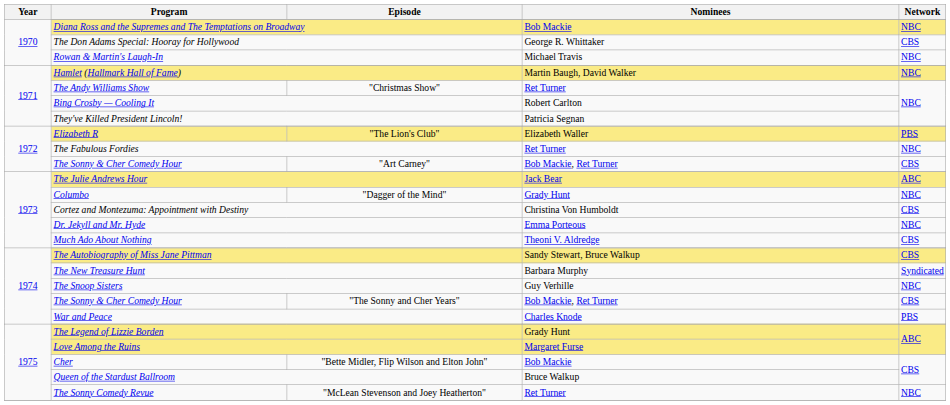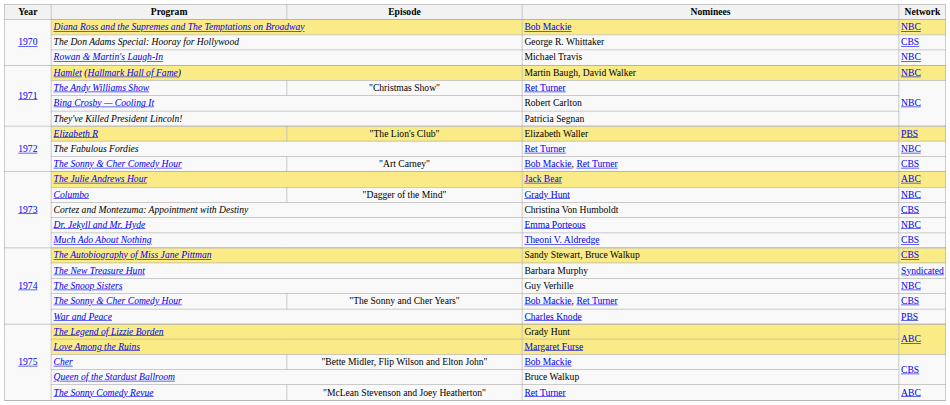 <table class="wikitable">
 <tr>
 <th width="5%">Year</th>
 <th width="25%">Program</th>
 <th width="25%">Episode</th>
 <th width="40%">Nominees</th>
 <th width="5%">Network</th>
 </tr>
 <tr>
 <td rowspan="4" style="text-align:center;"><a href='#'>1970</a><br></td>
 </tr>
 <tr style="background:#FAEB86;">
 <td colspan=2><em><a href='#'>Diana Ross and the Supremes and The Temptations on Broadway</a></em></td>
 <td><a href='#'>Bob Mackie</a></td>
 <td><a href='#'>NBC</a></td>
 </tr>
 <tr>
 <td colspan=2><em>The Don Adams Special: Hooray for Hollywood</em></td>
 <td>George R. Whittaker</td>
 <td><a href='#'>CBS</a></td>
 </tr>
 <tr>
 <td colspan=2><em><a href='#'>Rowan & Martin's Laugh-In</a></em></td>
 <td>Michael Travis</td>
 <td><a href='#'>NBC</a></td>
 </tr>
 <tr>
 <td rowspan="5" style="text-align:center;"><a href='#'>1971</a><br></td>
 </tr>
 <tr style="background:#FAEB86;">
 <td colspan=2><em><a href='#'>Hamlet</a> (<a href='#'>Hallmark Hall of Fame</a>)</em></td>
 <td>Martin Baugh, David Walker</td>
 <td><a href='#'>NBC</a></td>
 </tr>
 <tr>
 <td><em><a href='#'>The Andy Williams Show</a></em></td>
 <td align=center>"Christmas Show"</td>
 <td><a href='#'>Ret Turner</a></td>
 <td rowspan=3><a href='#'>NBC</a></td>
 </tr>
 <tr>
 <td colspan=2><em><a href='#'>Bing Crosby — Cooling It</a></em></td>
 <td>Robert Carlton</td>
 </tr>
 <tr>
 <td colspan=2><em>They've Killed President Lincoln!</em></td>
 <td>Patricia Segnan</td>
 </tr>
 <tr>
 <td rowspan="4" style="text-align:center;"><a href='#'>1972</a><br></td>
 </tr>
 <tr style="background:#FAEB86;">
 <td><em><a href='#'>Elizabeth R</a></em></td>
 <td align=center>"The Lion's Club"</td>
 <td>Elizabeth Waller</td>
 <td><a href='#'>PBS</a></td>
 </tr>
 <tr>
 <td colspan=2><em>The Fabulous Fordies</em></td>
 <td><a href='#'>Ret Turner</a></td>
 <td><a href='#'>NBC</a></td>
 </tr>
 <tr>
 <td><em><a href='#'>The Sonny & Cher Comedy Hour</a></em></td>
 <td align=center>"Art Carney"</td>
 <td><a href='#'>Bob Mackie</a>, <a href='#'>Ret Turner</a></td>
 <td><a href='#'>CBS</a></td>
 </tr>
 <tr>
 <td rowspan="6" style="text-align:center;"><a href='#'>1973</a><br></td>
 </tr>
 <tr style="background:#FAEB86;">
 <td colspan=2><em><a href='#'>The Julie Andrews Hour</a></em></td>
 <td><a href='#'>Jack Bear</a></td>
 <td><a href='#'>ABC</a></td>
 </tr>
 <tr>
 <td><em><a href='#'>Columbo</a></em></td>
 <td align=center>"Dagger of the Mind"</td>
 <td><a href='#'>Grady Hunt</a></td>
 <td><a href='#'>NBC</a></td>
 </tr>
 <tr>
 <td colspan=2><em>Cortez and Montezuma: Appointment with Destiny</em></td>
 <td>Christina Von Humboldt</td>
 <td><a href='#'>CBS</a></td>
 </tr>
 <tr>
 <td colspan=2><em><a href='#'>Dr. Jekyll and Mr. Hyde</a></em></td>
 <td><a href='#'>Emma Porteous</a></td>
 <td><a href='#'>NBC</a></td>
 </tr>
 <tr>
 <td colspan=2><em><a href='#'>Much Ado About Nothing</a></em></td>
 <td><a href='#'>Theoni V. Aldredge</a></td>
 <td><a href='#'>CBS</a></td>
 </tr>
 <tr>
 <td rowspan="6" style="text-align:center;"><a href='#'>1974</a><br></td>
 </tr>
 <tr style="background:#FAEB86;">
 <td colspan=2><em><a href='#'>The Autobiography of Miss Jane Pittman</a></em></td>
 <td>Sandy Stewart, Bruce Walkup</td>
 <td><a href='#'>CBS</a></td>
 </tr>
 <tr>
 <td colspan=2><em><a href='#'>The New Treasure Hunt</a></em></td>
 <td>Barbara Murphy</td>
 <td><a href='#'>Syndicated</a></td>
 </tr>
 <tr>
 <td colspan=2><em><a href='#'>The Snoop Sisters</a></em></td>
 <td>Guy Verhille</td>
 <td><a href='#'>NBC</a></td>
 </tr>
 <tr>
 <td><em><a href='#'>The Sonny & Cher Comedy Hour</a></em></td>
 <td align=center>"The Sonny and Cher Years"</td>
 <td><a href='#'>Bob Mackie</a>, <a href='#'>Ret Turner</a></td>
 <td><a href='#'>CBS</a></td>
 </tr>
 <tr>
 <td colspan=2><em><a href='#'>War and Peace</a></em></td>
 <td><a href='#'>Charles Knode</a></td>
 <td><a href='#'>PBS</a></td>
 </tr>
 <tr>
 <td rowspan="6" style="text-align:center;"><a href='#'>1975</a><br></td>
 </tr>
 <tr style="background:#FAEB86;">
 <td colspan=2><em><a href='#'>The Legend of Lizzie Borden</a></em></td>
 <td>Grady Hunt</td>
 <td rowspan=2><a href='#'>ABC</a></td>
 </tr>
 <tr style="background:#FAEB86;">
 <td colspan=2><em><a href='#'>Love Among the Ruins</a></em></td>
 <td><a href='#'>Margaret Furse</a></td>
 </tr>
 <tr>
 <td><em><a href='#'>Cher</a></em></td>
 <td align=center>"Bette Midler, Flip Wilson and Elton John"</td>
 <td><a href='#'>Bob Mackie</a></td>
 <td rowspan=2><a href='#'>CBS</a></td>
 </tr>
 <tr>
 <td colspan=2><em><a href='#'>Queen of the Stardust Ballroom</a></em></td>
 <td>Bruce Walkup</td>
 </tr>
 <tr>
 <td><em><a href='#'>The Sonny Comedy Revue</a></em></td>
 <td align=center>"McLean Stevenson and Joey Heatherton"</td>
 <td><a href='#'>Ret Turner</a></td>
-<td><a href='#'>NBC</a></td>
+<td><a href='#'>ABC</a></td>
 </tr>
 <tr>
 </tr>
 </table>
